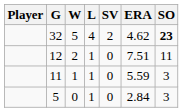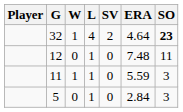 <table class="wikitable sortable" style="text-align:center;">
 <tr>
 <th>Player</th>
 <th>G</th>
 <th>W</th>
 <th>L</th>
 <th>SV</th>
 <th>ERA</th>
 <th>SO</th>
 </tr>
 <tr>
 <td></td>
 <td>32</td>
-<td>5</td>
+<td>1</td>
 <td>4</td>
 <td>2</td>
-<td>4.62</td>
+<td>4.64</td>
 <td><strong>23</strong></td>
 </tr>
 <tr>
 <td></td>
 <td>12</td>
-<td>2</td>
+<td>0</td>
 <td>1</td>
 <td>0</td>
-<td>7.51</td>
+<td>7.48</td>
 <td>11</td>
 </tr>
 <tr>
 <td></td>
 <td>11</td>
 <td>1</td>
 <td>1</td>
 <td>0</td>
 <td>5.59</td>
 <td>3</td>
 </tr>
 <tr>
 <td></td>
 <td>5</td>
 <td>0</td>
 <td>1</td>
 <td>0</td>
 <td>2.84</td>
 <td>3</td>
 </tr>
 </table>
